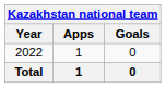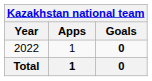 <table class="wikitable" style="text-align:center">
 <tr>
 <th colspan=3><a href='#'>Kazakhstan national team</a></th>
 </tr>
 <tr>
 <th>Year</th>
 <th>Apps</th>
 <th>Goals</th>
 </tr>
 <tr>
 <td>2022</td>
 <td>1</td>
-<td>0</td>
+<td><strong>0</strong></td>
 </tr>
 <tr>
 <th>Total</th>
 <th>1</th>
 <th>0</th>
 </tr>
 </table>
